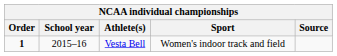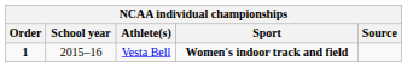 <table class="wikitable sortable" width="60%">
 <tr align="center">
 <th colspan=5>NCAA individual championships</th>
 </tr>
 <tr>
 <th>Order</th>
 <th>School year</th>
 <th>Athlete(s)</th>
 <th>Sport</th>
 <th>Source</th>
 </tr>
 <tr align="center" bgcolor="">
 <td><strong>1</strong></td>
 <td>2015–16</td>
 <td><a href='#'>Vesta Bell</a></td>
-<td>Women's indoor track and field</td>
+<td><strong>Women's indoor track and field</strong></td>
 <td></td>
 </tr>
 </table>
